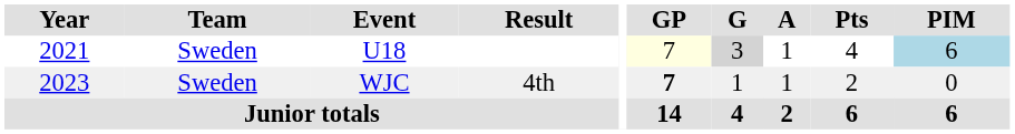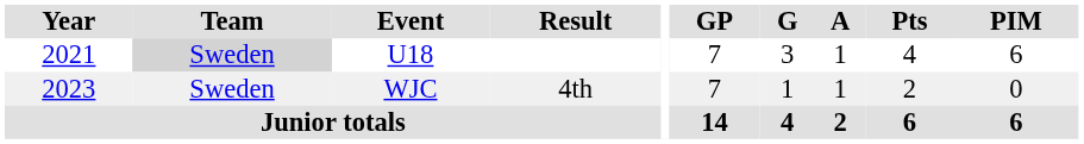 <table border="0" cellpadding="1" cellspacing="0" ID="Table3" style="text-align:center; width:40em">
 <tr bgcolor="#e0e0e0">
 <th>Year</th>
 <th>Team</th>
 <th>Event</th>
 <th>Result</th>
 <th rowspan="99" bgcolor="#ffffff"></th>
 <th>GP</th>
 <th>G</th>
 <th>A</th>
 <th>Pts</th>
 <th>PIM</th>
 </tr>
 <tr>
 <td><a href='#'>2021</a></td>
-<td><a href='#'>Sweden</a></td>
+<td style="background: lightgrey;"><a href='#'>Sweden</a></td>
 <td><a href='#'>U18</a></td>
 <td></td>
-<td style="background: lightyellow;">7</td>
-<td style="background: lightgrey;">3</td>
+<td>7</td>
+<td>3</td>
 <td>1</td>
 <td>4</td>
-<td style="background: lightblue;">6</td>
+<td>6</td>
 </tr>
 <tr bgcolor="#f0f0f0">
 <td><a href='#'>2023</a></td>
 <td><a href='#'>Sweden</a></td>
 <td><a href='#'>WJC</a></td>
 <td>4th</td>
-<td><strong>7</strong></td>
+<td>7</td>
 <td>1</td>
 <td>1</td>
 <td>2</td>
 <td>0</td>
 </tr>
 <tr bgcolor="#e0e0e0">
 <th colspan="4">Junior totals</th>
 <th>14</th>
 <th>4</th>
 <th>2</th>
 <th>6</th>
 <th>6</th>
 </tr>
 </table>
